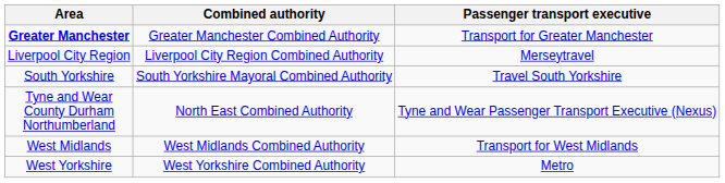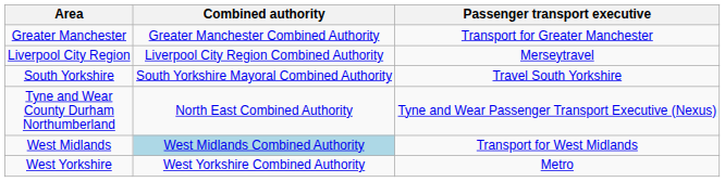 <table class="wikitable">
 <tr>
 <th>Area</th>
 <th>Combined authority</th>
 <th>Passenger transport executive</th>
 </tr>
 <tr>
-<td align="center"><strong><a href='#'>Greater Manchester</a></strong></td>
+<td align="center"><a href='#'>Greater Manchester</a></td>
 <td align="center"><a href='#'>Greater Manchester Combined Authority</a></td>
 <td align="center"><a href='#'>Transport for Greater Manchester</a></td>
 </tr>
 <tr>
 <td align="center"><a href='#'>Liverpool City Region</a></td>
 <td align="center"><a href='#'>Liverpool City Region Combined Authority</a></td>
 <td align="center"><a href='#'>Merseytravel</a></td>
 </tr>
 <tr>
 <td align="center"><a href='#'>South Yorkshire</a></td>
 <td align="center"><a href='#'>South Yorkshire Mayoral Combined Authority</a></td>
 <td align="center"><a href='#'>Travel South Yorkshire</a></td>
 </tr>
 <tr>
 <td align="center"><a href='#'>Tyne and Wear</a><br><a href='#'>County Durham</a><br><a href='#'>Northumberland</a></td>
 <td align="center"><a href='#'>North East Combined Authority</a></td>
 <td align="center"><a href='#'>Tyne and Wear Passenger Transport Executive (Nexus)</a></td>
 </tr>
 <tr>
 <td align="center"><a href='#'>West Midlands</a></td>
-<td align="center"><a href='#'>West Midlands Combined Authority</a></td>
+<td align="center" style="background: lightblue;"><a href='#'>West Midlands Combined Authority</a></td>
 <td align="center"><a href='#'>Transport for West Midlands</a></td>
 </tr>
 <tr>
 <td align="center"><a href='#'>West Yorkshire</a></td>
 <td align="center"><a href='#'>West Yorkshire Combined Authority</a></td>
 <td align="center"><a href='#'>Metro</a></td>
 </tr>
 </table>
